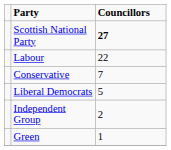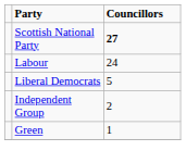 <table class="wikitable">
 <tr>
 <td width="3"></td>
 <td width="120"><strong>Party</strong></td>
 <td width="100"><strong>Councillors</strong></td>
 </tr>
 <tr>
 <td style="color:inherit;background:"></td>
 <td><a href='#'>Scottish National Party</a></td>
 <td><strong>27</strong></td>
 </tr>
 <tr>
 <td style="color:inherit;background:"></td>
 <td><a href='#'>Labour</a></td>
-<td>22</td>
-</tr>
-<tr>
-<td style="color:inherit;background:"></td>
-<td><a href='#'>Conservative</a></td>
-<td>7</td>
+<td>24</td>
 </tr>
 <tr>
 <td style="color:inherit;background:"></td>
 <td><a href='#'>Liberal Democrats</a></td>
 <td>5</td>
 </tr>
 <tr>
 <td style="color:inherit;background:"></td>
 <td><a href='#'>Independent Group</a></td>
 <td>2</td>
 </tr>
 <tr>
 <td style="color:inherit;background:"></td>
 <td><a href='#'>Green</a></td>
 <td>1</td>
 </tr>
 <tr>
 </tr>
 </table>
